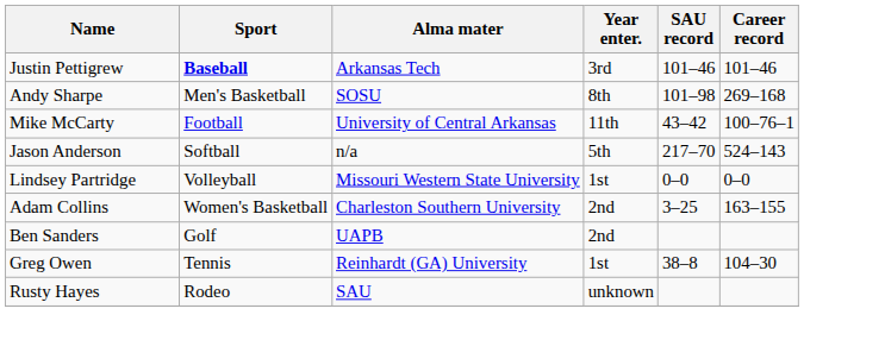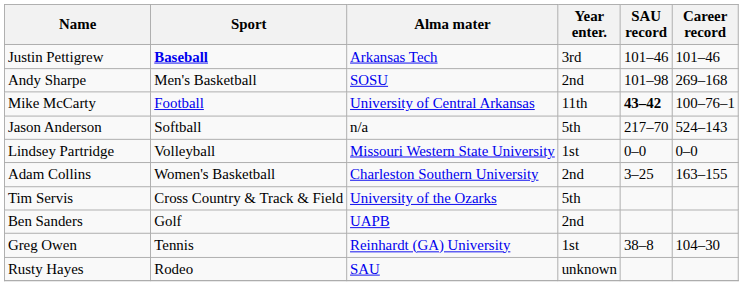 <table class= wikitable>
 <tr>
 <th width=150px>Name</th>
 <th width=px>Sport</th>
 <th width=px>Alma mater</th>
 <th width=px>Year<br>enter.</th>
 <th width=px>SAU<br> record</th>
 <th width=px>Career<br>record</th>
 </tr>
 <tr>
 <td>Justin Pettigrew</td>
 <td><strong><a href='#'>Baseball</a></strong></td>
 <td><a href='#'>Arkansas Tech</a></td>
 <td>3rd</td>
 <td>101–46</td>
 <td>101–46</td>
 </tr>
 <tr>
 <td>Andy Sharpe</td>
 <td>Men's Basketball</td>
 <td><a href='#'>SOSU</a></td>
-<td>8th</td>
+<td>2nd</td>
 <td>101–98</td>
 <td>269–168</td>
 </tr>
 <tr>
 <td>Mike McCarty</td>
 <td><a href='#'>Football</a></td>
 <td><a href='#'>University of Central Arkansas</a></td>
 <td>11th</td>
-<td>43–42</td>
+<td><strong>43–42</strong></td>
 <td>100–76–1</td>
 </tr>
 <tr>
 <td>Jason Anderson</td>
 <td>Softball</td>
 <td>n/a</td>
 <td>5th</td>
 <td>217–70</td>
 <td>524–143</td>
 </tr>
 <tr>
 <td>Lindsey Partridge</td>
 <td>Volleyball</td>
 <td><a href='#'>Missouri Western State University</a></td>
 <td>1st</td>
 <td>0–0</td>
 <td>0–0</td>
 </tr>
 <tr>
 <td>Adam Collins</td>
 <td>Women's Basketball</td>
 <td><a href='#'>Charleston Southern University</a></td>
 <td>2nd</td>
 <td>3–25</td>
 <td>163–155</td>
+</tr>
+<tr>
+<td>Tim Servis</td>
+<td>Cross Country & Track & Field</td>
+<td><a href='#'>University of the Ozarks</a></td>
+<td>5th</td>
+<td></td>
+<td></td>
 </tr>
 <tr>
 <td>Ben Sanders</td>
 <td>Golf</td>
 <td><a href='#'>UAPB</a></td>
 <td>2nd</td>
 <td></td>
 <td></td>
 </tr>
 <tr>
 <td>Greg Owen</td>
 <td>Tennis</td>
 <td><a href='#'>Reinhardt (GA) University</a></td>
 <td>1st</td>
 <td>38–8</td>
 <td>104–30</td>
 </tr>
 <tr>
 <td>Rusty Hayes</td>
 <td>Rodeo</td>
 <td><a href='#'>SAU</a></td>
 <td>unknown</td>
 <td></td>
 <td></td>
 </tr>
 <tr>
 </tr>
 </table>
